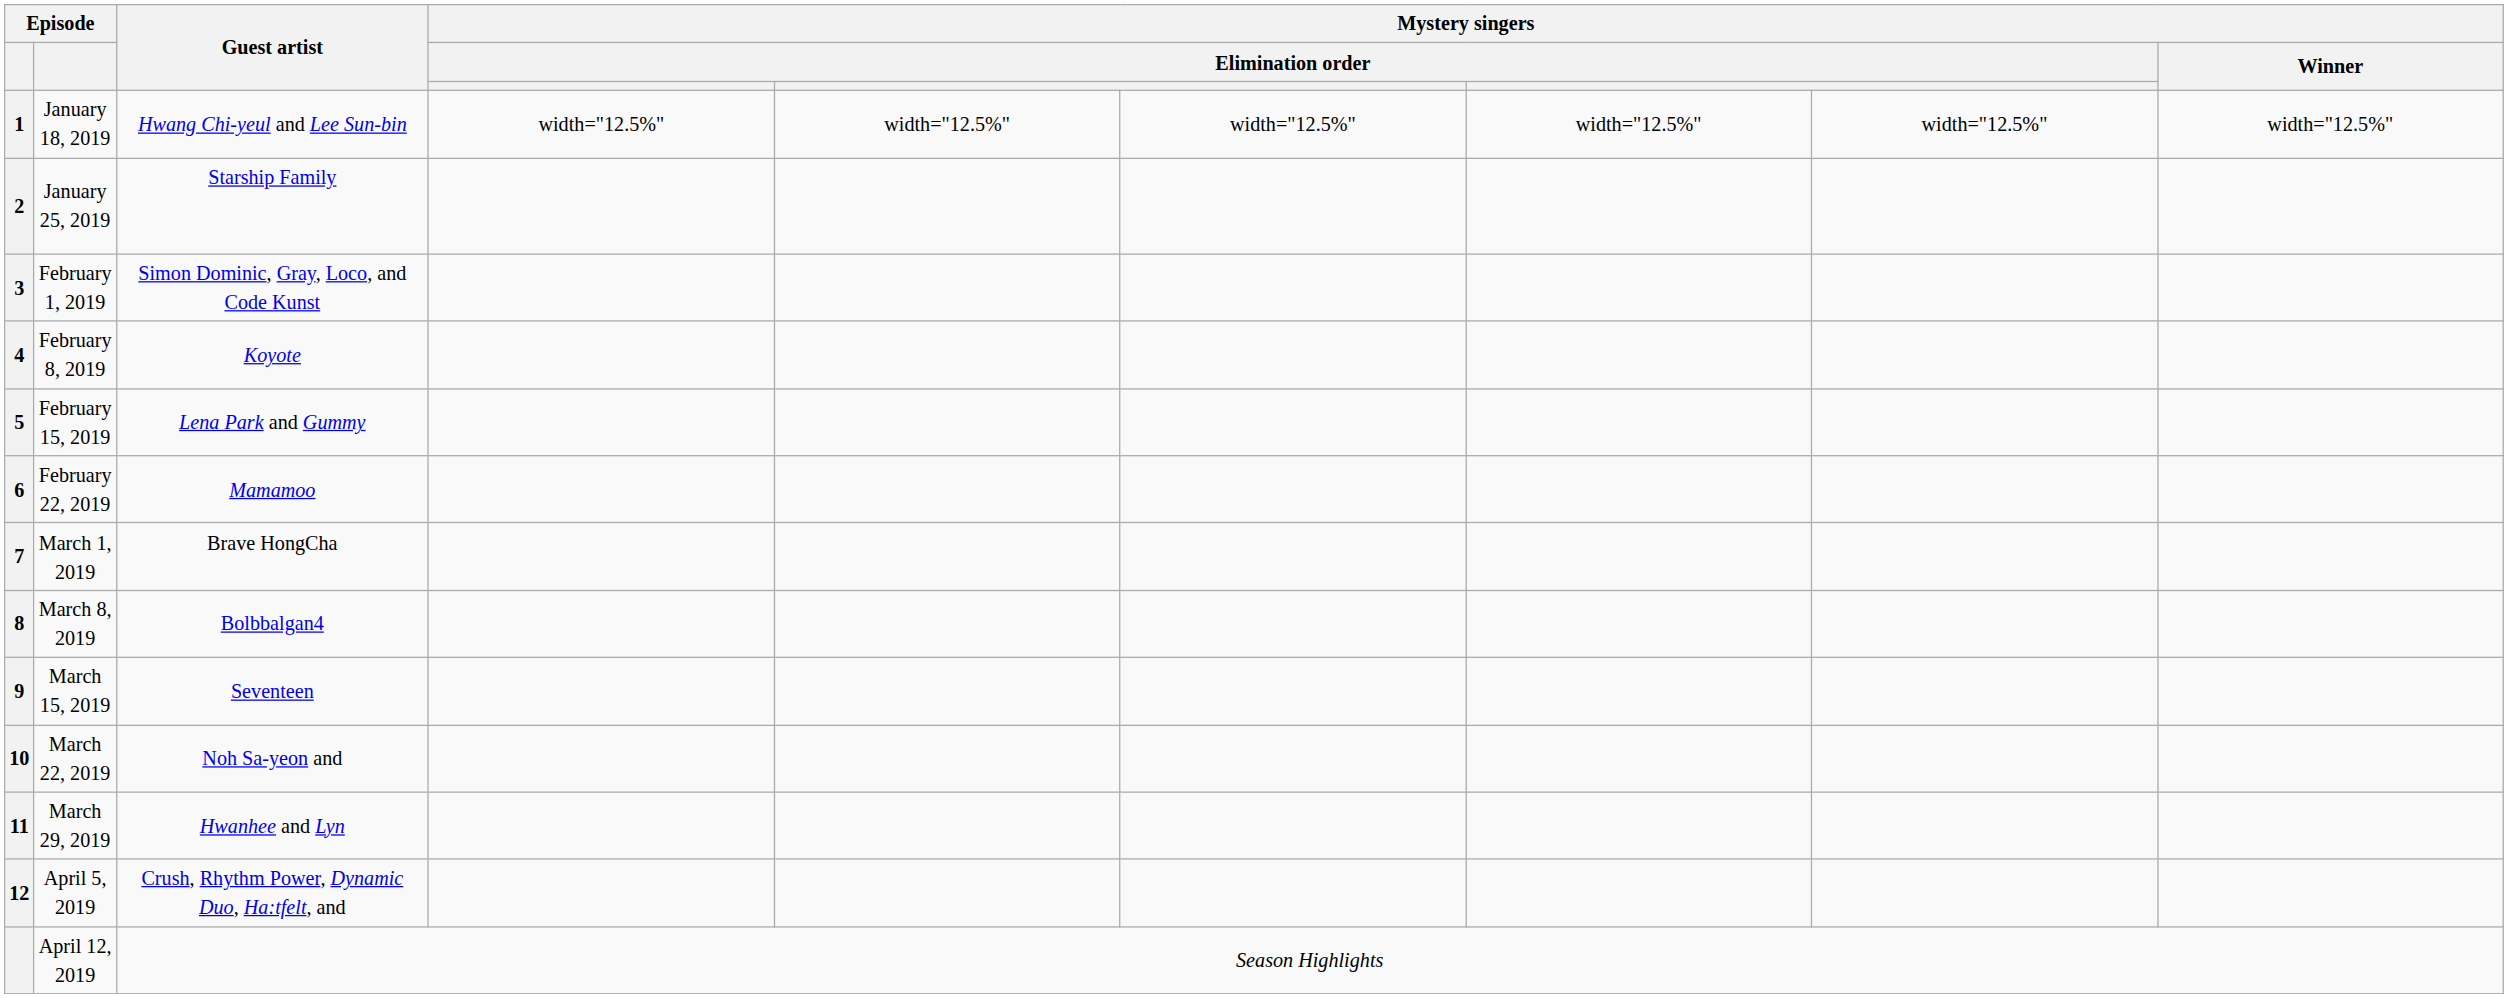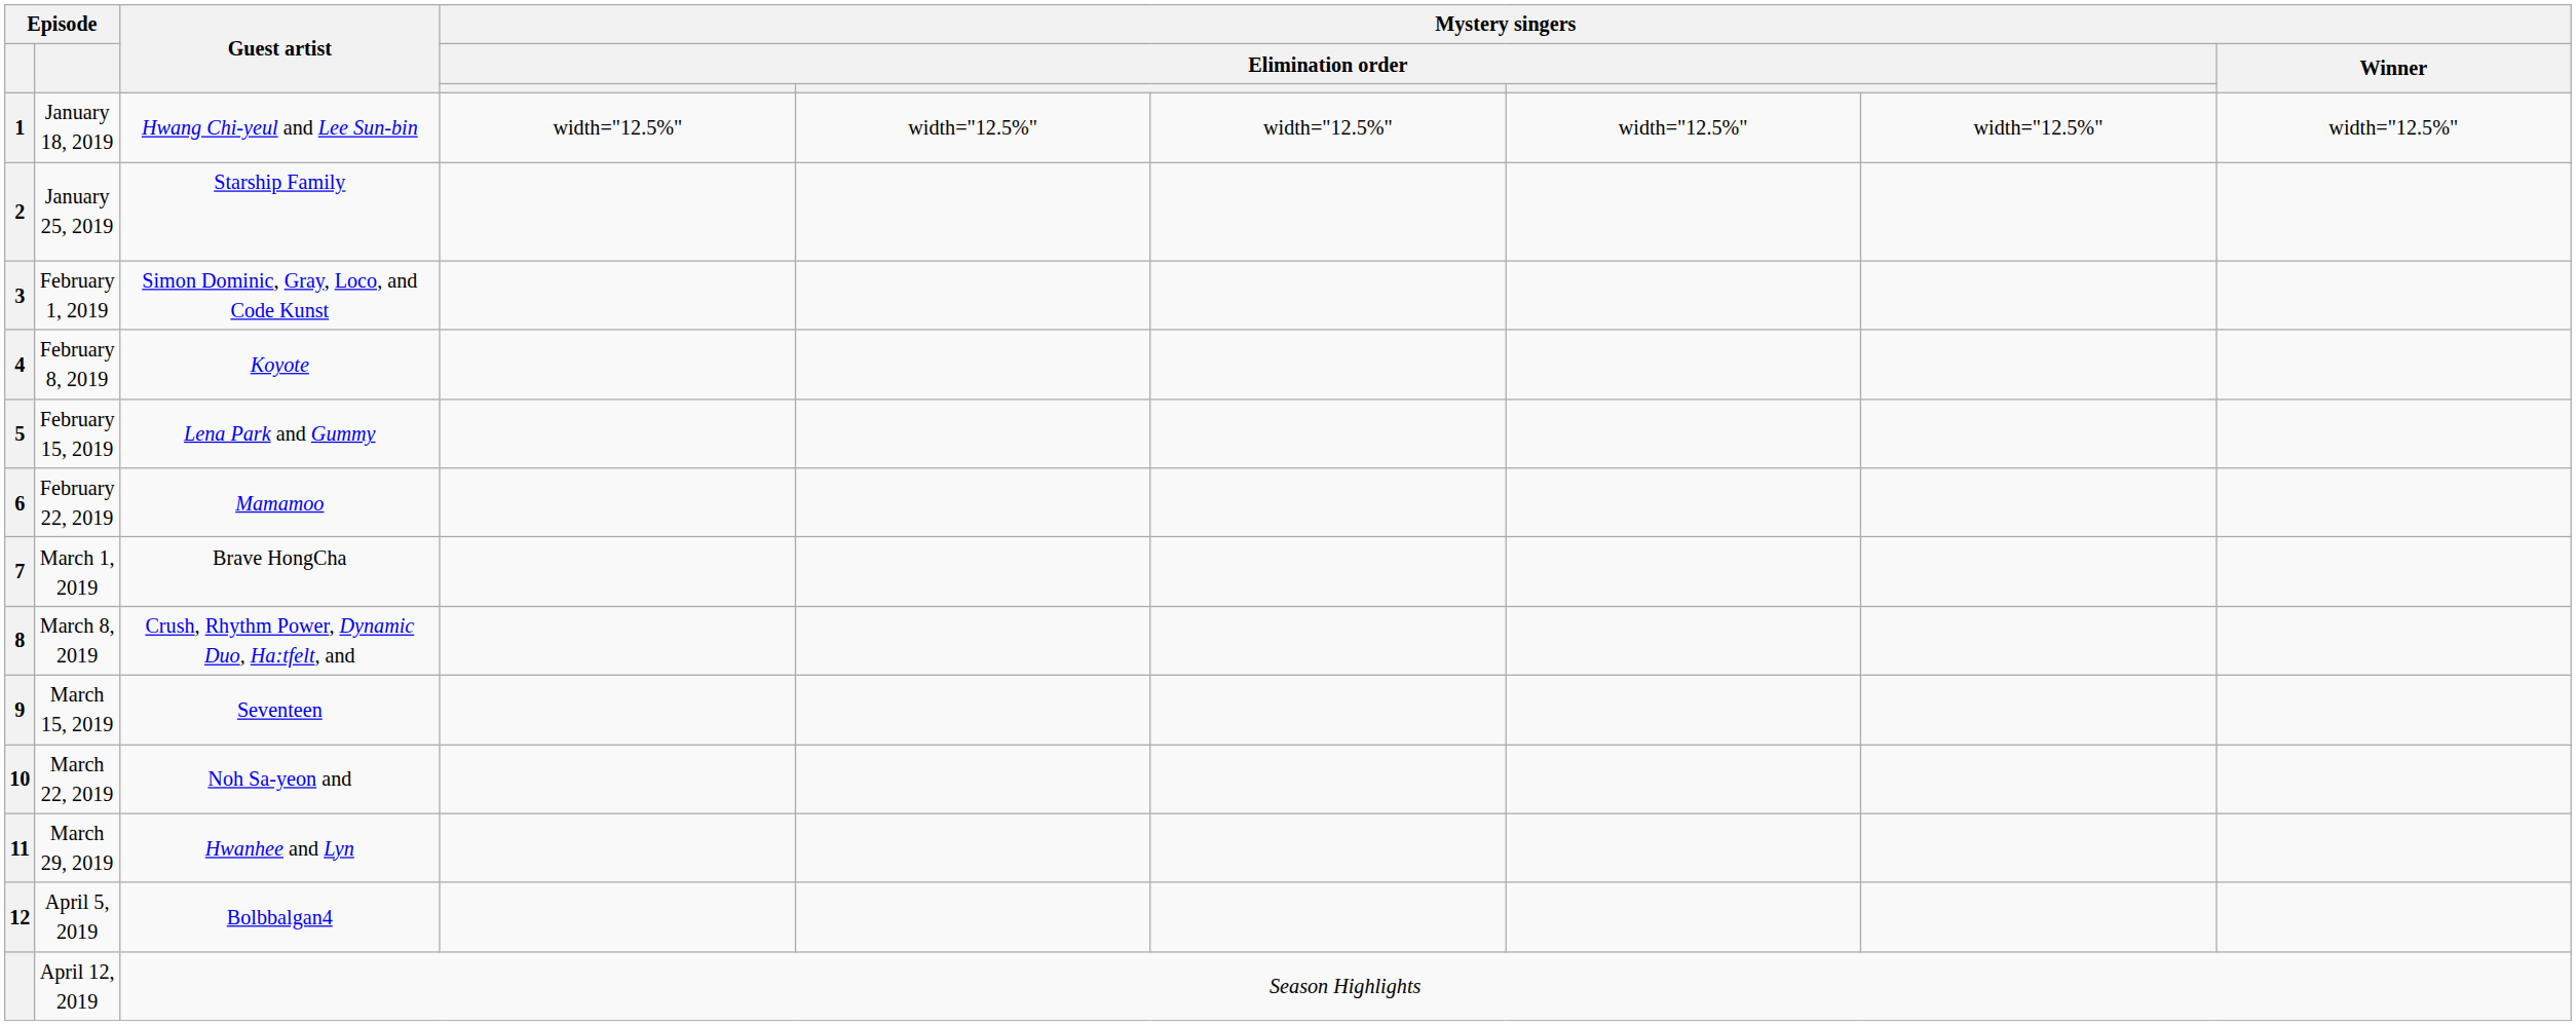 <table class="wikitable plainrowheaders mw-collapsible" style="text-align:center; line-height:23px; width:100%;">
 <tr>
 <th colspan="2" width="1%">Episode</th>
 <th rowspan="3" width="12.5%">Guest artist</th>
 <th colspan="6">Mystery singers<br></th>
 </tr>
 <tr>
 <th rowspan="2"></th>
 <th rowspan="2"></th>
 <th colspan="5">Elimination order</th>
 <th rowspan="2">Winner</th>
 </tr>
 <tr>
 <th></th>
 <th colspan="2"></th>
 <th colspan="2"></th>
 </tr>
 <tr>
 <th>1</th>
 <td>January 18, 2019</td>
 <td><em><a href='#'>Hwang Chi-yeul</a></em> and <em><a href='#'>Lee Sun-bin</a></em><br></td>
 <td>width="12.5%" </td>
 <td>width="12.5%" </td>
 <td>width="12.5%" </td>
 <td>width="12.5%" </td>
 <td>width="12.5%" </td>
 <td>width="12.5%" </td>
 </tr>
 <tr>
 <th>2</th>
 <td>January 25, 2019</td>
 <td><a href='#'>Starship Family</a><br><br><br></td>
 <td></td>
 <td></td>
 <td></td>
 <td></td>
 <td></td>
 <td></td>
 </tr>
 <tr>
 <th>3</th>
 <td>February 1, 2019</td>
 <td><a href='#'>Simon Dominic</a>, <a href='#'>Gray</a>, <a href='#'>Loco</a>, and <a href='#'>Code Kunst</a><br></td>
 <td></td>
 <td></td>
 <td></td>
 <td></td>
 <td></td>
 <td></td>
 </tr>
 <tr>
 <th>4</th>
 <td>February 8, 2019</td>
 <td><em><a href='#'>Koyote</a></em><br></td>
 <td></td>
 <td></td>
 <td></td>
 <td></td>
 <td></td>
 <td></td>
 </tr>
 <tr>
 <th>5</th>
 <td>February 15, 2019</td>
 <td><em><a href='#'>Lena Park</a></em> and <em><a href='#'>Gummy</a></em><br></td>
 <td></td>
 <td></td>
 <td></td>
 <td></td>
 <td></td>
 <td></td>
 </tr>
 <tr>
 <th>6</th>
 <td>February 22, 2019</td>
 <td><em><a href='#'>Mamamoo</a></em><br></td>
 <td></td>
 <td></td>
 <td></td>
 <td></td>
 <td></td>
 <td></td>
 </tr>
 <tr>
 <th>7</th>
 <td>March 1, 2019</td>
 <td>Brave HongCha<br><br></td>
 <td></td>
 <td></td>
 <td></td>
 <td></td>
 <td></td>
 <td></td>
 </tr>
 <tr>
 <th>8</th>
 <td>March 8, 2019</td>
-<td><a href='#'>Bolbbalgan4</a><br></td>
+<td><a href='#'>Crush</a>, <a href='#'>Rhythm Power</a>, <em><a href='#'>Dynamic Duo</a></em>, <em><a href='#'>Ha:tfelt</a></em>, and <br></td>
 <td></td>
 <td></td>
 <td></td>
 <td></td>
 <td></td>
 <td></td>
 </tr>
 <tr>
 <th>9</th>
 <td>March 15, 2019</td>
 <td><a href='#'>Seventeen</a><br></td>
 <td></td>
 <td></td>
 <td></td>
 <td></td>
 <td></td>
 <td></td>
 </tr>
 <tr>
 <th>10</th>
 <td>March 22, 2019</td>
 <td><a href='#'>Noh Sa-yeon</a> and <br></td>
 <td></td>
 <td></td>
 <td></td>
 <td></td>
 <td></td>
 <td></td>
 </tr>
 <tr>
 <th>11</th>
 <td>March 29, 2019</td>
 <td><em><a href='#'>Hwanhee</a></em> and <em><a href='#'>Lyn</a></em><br></td>
 <td></td>
 <td></td>
 <td></td>
 <td></td>
 <td></td>
 <td></td>
 </tr>
 <tr>
 <th>12</th>
 <td>April 5, 2019</td>
-<td><a href='#'>Crush</a>, <a href='#'>Rhythm Power</a>, <em><a href='#'>Dynamic Duo</a></em>, <em><a href='#'>Ha:tfelt</a></em>, and <br></td>
+<td><a href='#'>Bolbbalgan4</a><br></td>
 <td></td>
 <td></td>
 <td></td>
 <td></td>
 <td></td>
 <td></td>
 </tr>
 <tr>
 <th></th>
 <td>April 12, 2019</td>
 <td colspan="7"><em>Season Highlights</em></td>
 </tr>
 </table>
